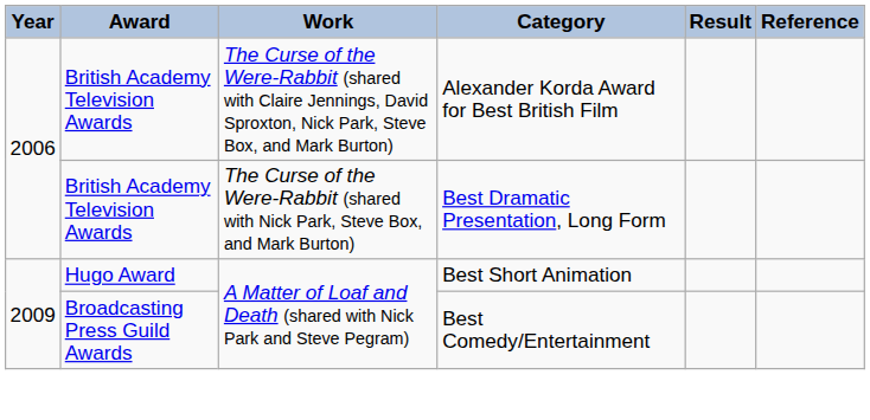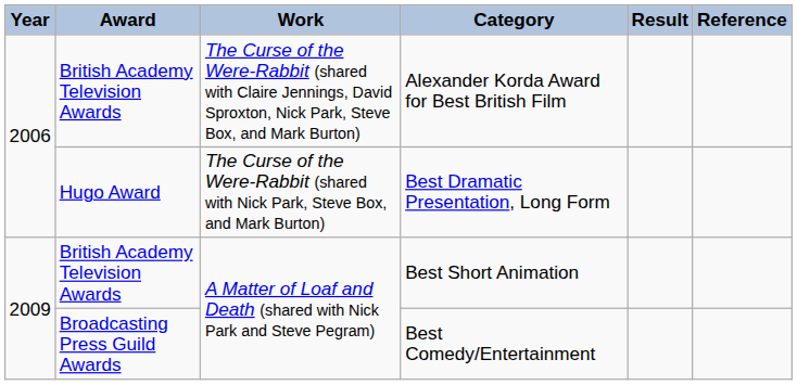 <table class="wikitable" style="font-size:90%">
 <tr style="text-align:center;">
 <th style="background:#B0C4DE;">Year</th>
 <th style="background:#B0C4DE;">Award</th>
 <th style="background:#B0C4DE;">Work</th>
 <th style="background:#B0C4DE;">Category</th>
 <th style="background:#B0C4DE;">Result</th>
 <th style="background:#B0C4DE;">Reference</th>
 </tr>
 <tr>
 <td rowspan="2">2006</td>
 <td><a href='#'>British Academy Television Awards</a></td>
 <td><em><a href='#'>The Curse of the Were-Rabbit</a></em> <small>(shared with Claire Jennings, David Sproxton, Nick Park, Steve Box, and Mark Burton)</small></td>
 <td>Alexander Korda Award for Best British Film</td>
 <td></td>
 <td></td>
 </tr>
 <tr>
-<td><a href='#'>British Academy Television Awards</a></td>
+<td><a href='#'>Hugo Award</a></td>
 <td><em>The Curse of the Were-Rabbit</em> <small>(shared with Nick Park, Steve Box, and Mark Burton)</small></td>
 <td><a href='#'>Best Dramatic Presentation</a>, Long Form</td>
 <td></td>
 <td></td>
 </tr>
 <tr>
 <td rowspan="2">2009</td>
-<td><a href='#'>Hugo Award</a></td>
+<td><a href='#'>British Academy Television Awards</a></td>
 <td rowspan="2"><em><a href='#'>A Matter of Loaf and Death</a></em> <small>(shared with Nick Park and Steve Pegram)</small></td>
 <td>Best Short Animation</td>
 <td></td>
 <td></td>
 </tr>
 <tr>
 <td><a href='#'>Broadcasting Press Guild Awards</a></td>
 <td>Best Comedy/Entertainment</td>
 <td></td>
 <td></td>
 </tr>
 </table>
